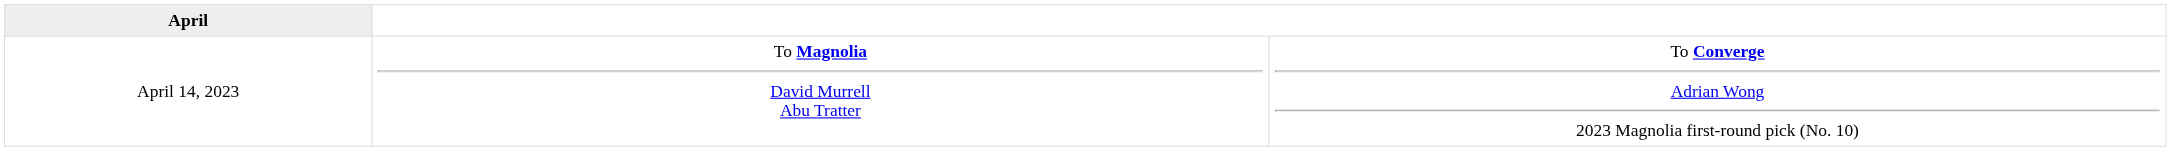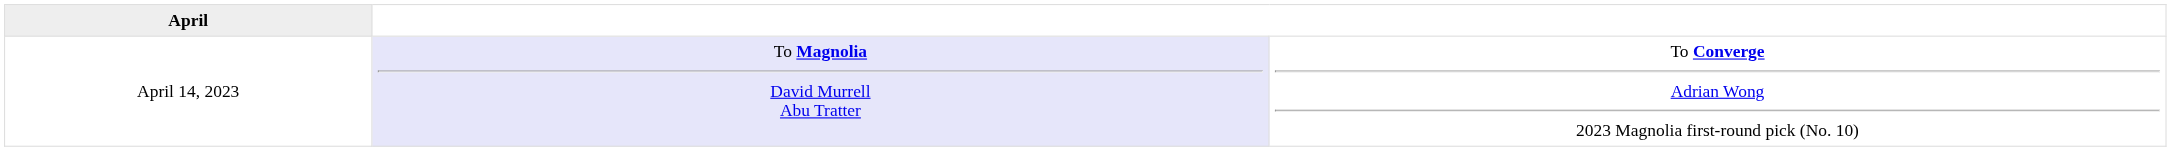 <table border=1 style="border-collapse:collapse; text-align: center; width: 100%" bordercolor="#DFDFDF"  cellpadding="5">
 <tr bgcolor="eeeeee">
 <th>April</th>
 </tr>
 <tr>
 <td style="width:12%">April 14, 2023</td>
-<td style="width:29.3%" valign="top">To <strong><a href='#'>Magnolia</a></strong><hr><a href='#'>David Murrell</a><br><a href='#'>Abu Tratter</a></td>
+<td style="background: lavender; width:29.3%" valign="top">To <strong><a href='#'>Magnolia</a></strong><hr><a href='#'>David Murrell</a><br><a href='#'>Abu Tratter</a></td>
 <td style="width:29.3%" valign="top">To <strong><a href='#'>Converge</a></strong><hr><a href='#'>Adrian Wong</a><hr>2023 Magnolia first-round pick (No. 10)</td>
 </tr>
 </table>
